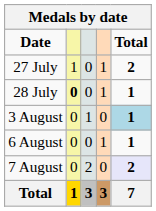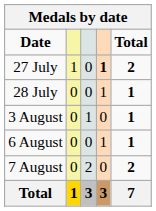 <table class="wikitable" style="font-size:85%">
 <tr bgcolor="#efefef">
 <th colspan=6>Medals by date</th>
 </tr>
 <tr align=center>
 <td><strong>Date</strong></td>
 <td bgcolor=#f7f6a8></td>
 <td bgcolor=#dce5e5></td>
 <td bgcolor=#ffdab9></td>
 <td><strong>Total</strong></td>
 </tr>
 <tr align=center>
 <td>27 July</td>
 <td style="background:#F7F6A8;">1</td>
 <td style="background:#DCE5E5;">0</td>
-<td style="background:#FFDAB9;">1</td>
+<td style="background:#FFDAB9;"><strong>1</strong></td>
 <td><strong>2</strong></td>
 </tr>
 <tr align=center>
 <td>28 July</td>
-<td style="background:#F7F6A8;"><strong>0</strong></td>
+<td style="background:#F7F6A8;">0</td>
 <td style="background:#DCE5E5;">0</td>
 <td style="background:#FFDAB9;">1</td>
 <td><strong>1</strong></td>
 </tr>
 <tr align=center>
 <td>3 August</td>
 <td style="background:#F7F6A8;">0</td>
 <td style="background:#DCE5E5;">1</td>
 <td style="background:#FFDAB9;">0</td>
-<td style="background: lightblue;"><strong>1</strong></td>
+<td><strong>1</strong></td>
 </tr>
 <tr align=center>
 <td>6 August</td>
 <td style="background:#F7F6A8;">0</td>
 <td style="background:#DCE5E5;">0</td>
 <td style="background:#FFDAB9;">1</td>
 <td><strong>1</strong></td>
 </tr>
 <tr align=center>
 <td>7 August</td>
 <td style="background:#F7F6A8;">0</td>
 <td style="background:#DCE5E5;">2</td>
 <td style="background:#FFDAB9;">0</td>
-<td style="background: lavender;"><strong>2</strong></td>
+<td><strong>2</strong></td>
 </tr>
 <tr align=center>
 <th><strong>Total</strong></th>
 <th style="background:gold;"><strong>1</strong></th>
 <th style="background:silver;"><strong>3</strong></th>
 <th style="background:#c96;"><strong>3</strong></th>
 <th>7</th>
 </tr>
 </table>
